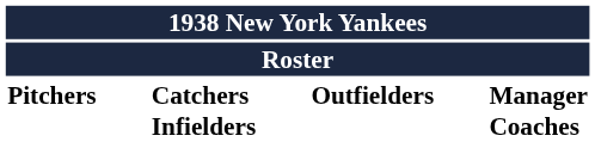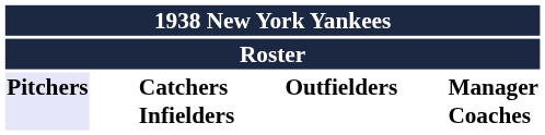 <table class="toccolours" style="font-size: 95%;">
 <tr>
 <th colspan="10" style="background-color: #1c2841; color: white; text-align: center;">1938 New York Yankees</th>
 </tr>
 <tr>
 <td colspan="10" style="background-color: #1c2841; color: white; text-align: center;"><strong>Roster</strong></td>
 </tr>
 <tr>
-<td valign="top"><strong>Pitchers</strong><br>             </td>
+<td valign="top" style="background: lavender;"><strong>Pitchers</strong><br>             </td>
 <td width="25px"></td>
 <td valign="top"><strong>Catchers</strong><br>   <strong>Infielders</strong>      </td>
 <td width="25px"></td>
 <td valign="top"><strong>Outfielders</strong><br>    </td>
 <td width="25px"></td>
 <td valign="top"><strong>Manager</strong><br> <strong>Coaches</strong>   </td>
 </tr>
 </table>
